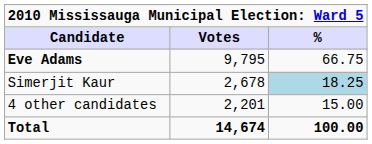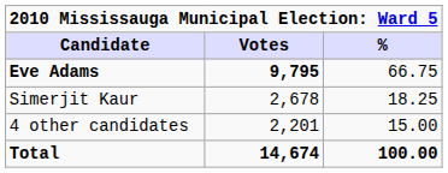 <table class="wikitable sortable">
 <tr>
 <td colspan="3" style="text-align:center;"><strong>2010 Mississauga Municipal Election: <a href='#'>Ward 5</a></strong></td>
 </tr>
 <tr>
 <th style="background:#ddf; width:150px;">Candidate</th>
 <th style="background:#ddf;">Votes</th>
 <th style="background:#ddf;">%</th>
 </tr>
 <tr>
 <td><strong>Eve Adams</strong></td>
-<td align=right>9,795</td>
+<td align=right><strong>9,795</strong></td>
 <td align=right>66.75</td>
 </tr>
 <tr>
 <td>Simerjit Kaur</td>
 <td align=right>2,678</td>
-<td align=right style="background: lightblue;">18.25</td>
+<td align=right>18.25</td>
 </tr>
 <tr>
 <td>4 other candidates</td>
 <td align=right>2,201</td>
 <td align=right>15.00</td>
 </tr>
 <tr>
 <td><strong>Total</strong></td>
 <td align=right><strong>14,674</strong></td>
 <td align=right><strong>100.00</strong></td>
 </tr>
 </table>
